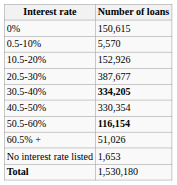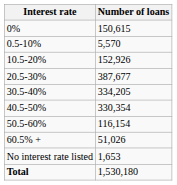 <table class="wikitable sortable">
 <tr>
 <th>Interest rate</th>
 <th>Number of loans</th>
 </tr>
 <tr>
 <td>0%</td>
 <td>150,615</td>
 </tr>
 <tr>
 <td>0.5-10%</td>
 <td>5,570</td>
 </tr>
 <tr>
 <td>10.5-20%</td>
 <td>152,926</td>
 </tr>
 <tr>
 <td>20.5-30%</td>
 <td>387,677</td>
 </tr>
 <tr>
 <td>30.5-40%</td>
-<td><strong>334,205</strong></td>
+<td>334,205</td>
 </tr>
 <tr>
 <td>40.5-50%</td>
 <td>330,354</td>
 </tr>
 <tr>
 <td>50.5-60%</td>
-<td><strong>116,154</strong></td>
+<td>116,154</td>
 </tr>
 <tr>
 <td>60.5% +</td>
 <td>51,026</td>
 </tr>
 <tr>
 <td>No interest rate listed</td>
 <td>1,653</td>
 </tr>
 <tr>
 <td><strong>Total</strong></td>
 <td>1,530,180</td>
 </tr>
 </table>
